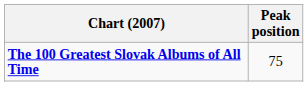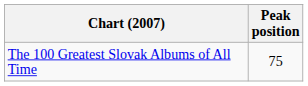 <table class="wikitable">
 <tr>
 <th width="270">Chart (2007)</th>
 <th>Peak<br>position</th>
 </tr>
 <tr>
-<td><strong><a href='#'>The 100 Greatest Slovak Albums of All Time</a></strong></td>
+<td><a href='#'>The 100 Greatest Slovak Albums of All Time</a></td>
 <td align="center">75</td>
 </tr>
 </table>
